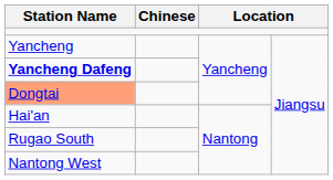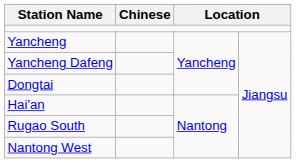 <table class="wikitable">
 <tr>
 <th>Station Name</th>
 <th>Chinese<br>  </th>
 <th colspan="2">Location</th>
 </tr>
 <tr style="background:#">
 <td colspan = "11"></td>
 </tr>
 <tr>
 <td><a href='#'>Yancheng</a></td>
 <td></td>
 <td rowspan="3"><a href='#'>Yancheng</a></td>
 <td rowspan="6"><a href='#'>Jiangsu</a></td>
 </tr>
 <tr>
-<td><strong><a href='#'>Yancheng Dafeng</a></strong></td>
+<td><a href='#'>Yancheng Dafeng</a></td>
 <td></td>
 </tr>
 <tr>
-<td style="background: lightsalmon;"><a href='#'>Dongtai</a></td>
+<td><a href='#'>Dongtai</a></td>
 <td></td>
 </tr>
 <tr>
 <td><a href='#'>Hai'an</a></td>
 <td></td>
 <td rowspan="3"><a href='#'>Nantong</a></td>
 </tr>
 <tr>
 <td><a href='#'>Rugao South</a></td>
 <td></td>
 </tr>
 <tr>
 <td><a href='#'>Nantong West</a></td>
 <td></td>
 </tr>
 </table>
